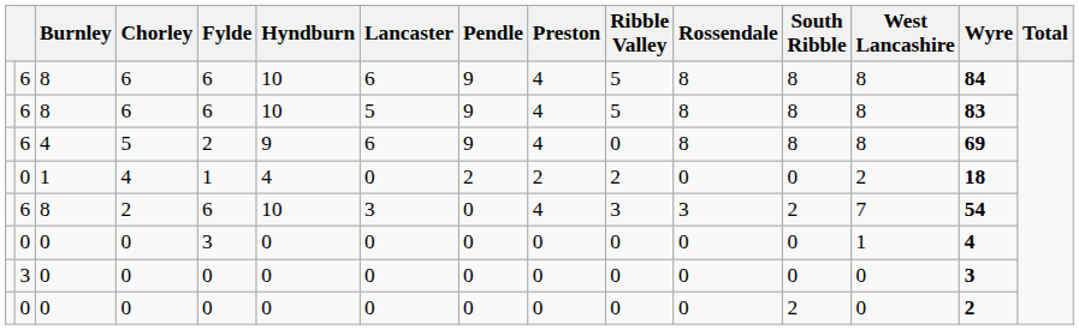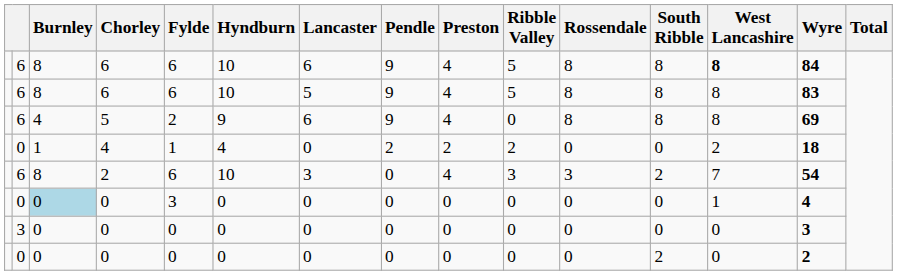 <table class="wikitable" style="right; width:45%">
 <tr>
 <th colspan="2"></th>
 <th colspan="1" !>Burnley</th>
 <th>Chorley</th>
 <th>Fylde</th>
 <th>Hyndburn</th>
 <th>Lancaster</th>
 <th>Pendle</th>
 <th>Preston</th>
 <th>Ribble Valley</th>
 <th>Rossendale</th>
 <th>South Ribble</th>
 <th>West Lancashire</th>
 <th>Wyre</th>
 <th>Total</th>
 </tr>
 <tr>
 <td></td>
 <td>6</td>
 <td>8</td>
 <td>6</td>
 <td>6</td>
 <td>10</td>
 <td>6</td>
 <td>9</td>
 <td>4</td>
 <td>5</td>
 <td>8</td>
 <td>8</td>
-<td>8</td>
+<td><strong>8</strong></td>
 <td><strong>84</strong></td>
 </tr>
 <tr>
 <td></td>
 <td>6</td>
 <td>8</td>
 <td>6</td>
 <td>6</td>
 <td>10</td>
 <td>5</td>
 <td>9</td>
 <td>4</td>
 <td>5</td>
 <td>8</td>
 <td>8</td>
 <td>8</td>
 <td><strong>83</strong></td>
 </tr>
 <tr>
 <td></td>
 <td>6</td>
 <td>4</td>
 <td>5</td>
 <td>2</td>
 <td>9</td>
 <td>6</td>
 <td>9</td>
 <td>4</td>
 <td>0</td>
 <td>8</td>
 <td>8</td>
 <td>8</td>
 <td><strong>69</strong></td>
 </tr>
 <tr>
 <td></td>
 <td>0</td>
 <td>1</td>
 <td>4</td>
 <td>1</td>
 <td>4</td>
 <td>0</td>
 <td>2</td>
 <td>2</td>
 <td>2</td>
 <td>0</td>
 <td>0</td>
 <td>2</td>
 <td><strong>18</strong></td>
 </tr>
 <tr>
 <td></td>
 <td>6</td>
 <td>8</td>
 <td>2</td>
 <td>6</td>
 <td>10</td>
 <td>3</td>
 <td>0</td>
 <td>4</td>
 <td>3</td>
 <td>3</td>
 <td>2</td>
 <td>7</td>
 <td><strong>54</strong></td>
 </tr>
 <tr>
 <td></td>
 <td>0</td>
-<td>0</td>
+<td style="background: lightblue;">0</td>
 <td>0</td>
 <td>3</td>
 <td>0</td>
 <td>0</td>
 <td>0</td>
 <td>0</td>
 <td>0</td>
 <td>0</td>
 <td>0</td>
 <td>1</td>
 <td><strong>4</strong></td>
 </tr>
 <tr>
 <td></td>
 <td>3</td>
 <td>0</td>
 <td>0</td>
 <td>0</td>
 <td>0</td>
 <td>0</td>
 <td>0</td>
 <td>0</td>
 <td>0</td>
 <td>0</td>
 <td>0</td>
 <td>0</td>
 <td><strong>3</strong></td>
 </tr>
 <tr>
 <td></td>
 <td>0</td>
 <td>0</td>
 <td>0</td>
 <td>0</td>
 <td>0</td>
 <td>0</td>
 <td>0</td>
 <td>0</td>
 <td>0</td>
 <td>0</td>
 <td>2</td>
 <td>0</td>
 <td><strong>2</strong></td>
 </tr>
 </table>
